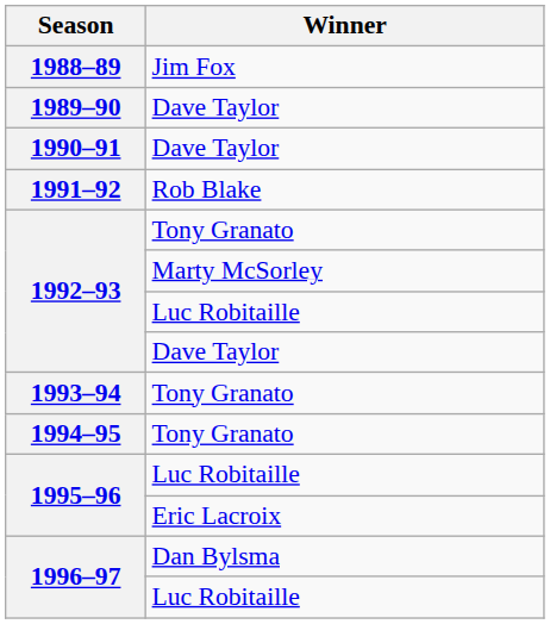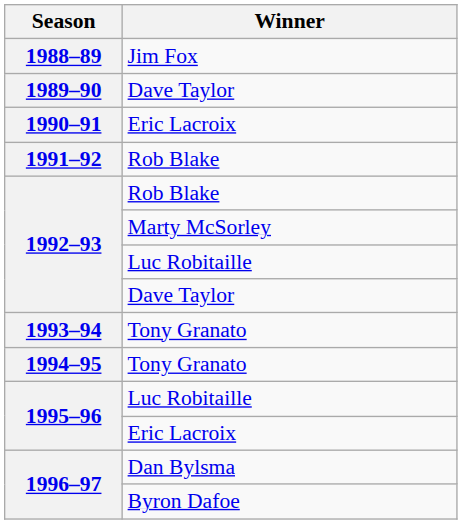 <table class="wikitable">
 <tr>
 <th scope="col" style="width:5em">Season</th>
 <th scope="col" style="width:15em">Winner</th>
 </tr>
 <tr>
 <th scope="row"><a href='#'>1988–89</a></th>
 <td><a href='#'>Jim Fox</a></td>
 </tr>
 <tr>
 <th scope="row"><a href='#'>1989–90</a></th>
 <td><a href='#'>Dave Taylor</a></td>
 </tr>
 <tr>
 <th scope="row"><a href='#'>1990–91</a></th>
-<td><a href='#'>Dave Taylor</a></td>
+<td><a href='#'>Eric Lacroix</a></td>
 </tr>
 <tr>
 <th scope="row"><a href='#'>1991–92</a></th>
 <td><a href='#'>Rob Blake</a></td>
 </tr>
 <tr>
 <th scope="row" rowspan="4"><a href='#'>1992–93</a></th>
-<td><a href='#'>Tony Granato</a></td>
+<td><a href='#'>Rob Blake</a></td>
 </tr>
 <tr>
 <td><a href='#'>Marty McSorley</a></td>
 </tr>
 <tr>
 <td><a href='#'>Luc Robitaille</a></td>
 </tr>
 <tr>
 <td><a href='#'>Dave Taylor</a></td>
 </tr>
 <tr>
 <th scope="row"><a href='#'>1993–94</a></th>
 <td><a href='#'>Tony Granato</a></td>
 </tr>
 <tr>
 <th scope="row"><a href='#'>1994–95</a></th>
 <td><a href='#'>Tony Granato</a></td>
 </tr>
 <tr>
 <th scope="row" rowspan="2"><a href='#'>1995–96</a></th>
 <td><a href='#'>Luc Robitaille</a></td>
 </tr>
 <tr>
 <td><a href='#'>Eric Lacroix</a></td>
 </tr>
 <tr>
 <th scope="row" rowspan="2"><a href='#'>1996–97</a></th>
 <td><a href='#'>Dan Bylsma</a></td>
 </tr>
 <tr>
-<td><a href='#'>Luc Robitaille</a></td>
+<td><a href='#'>Byron Dafoe</a></td>
 </tr>
 </table>
